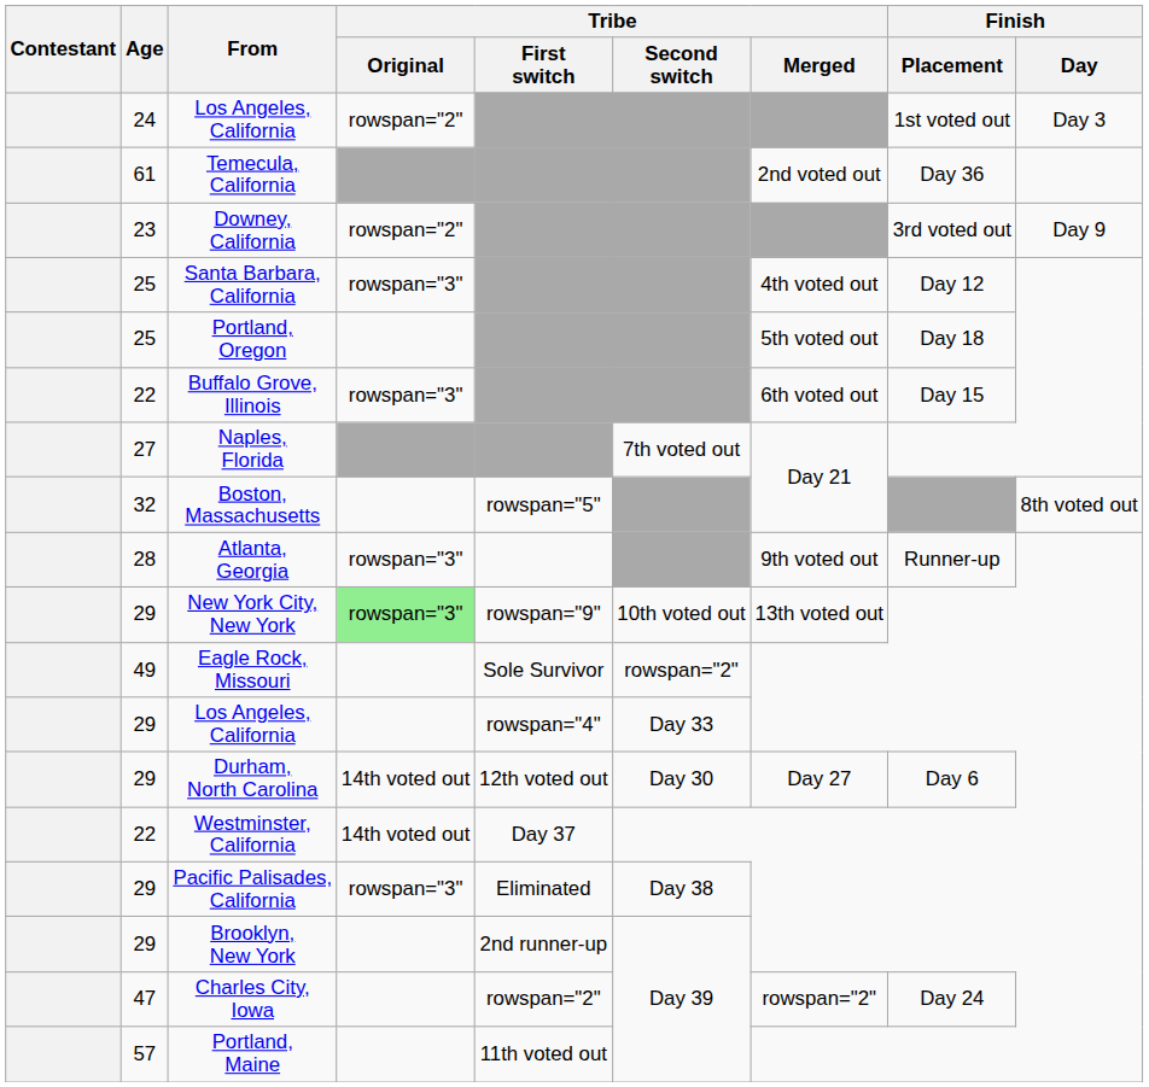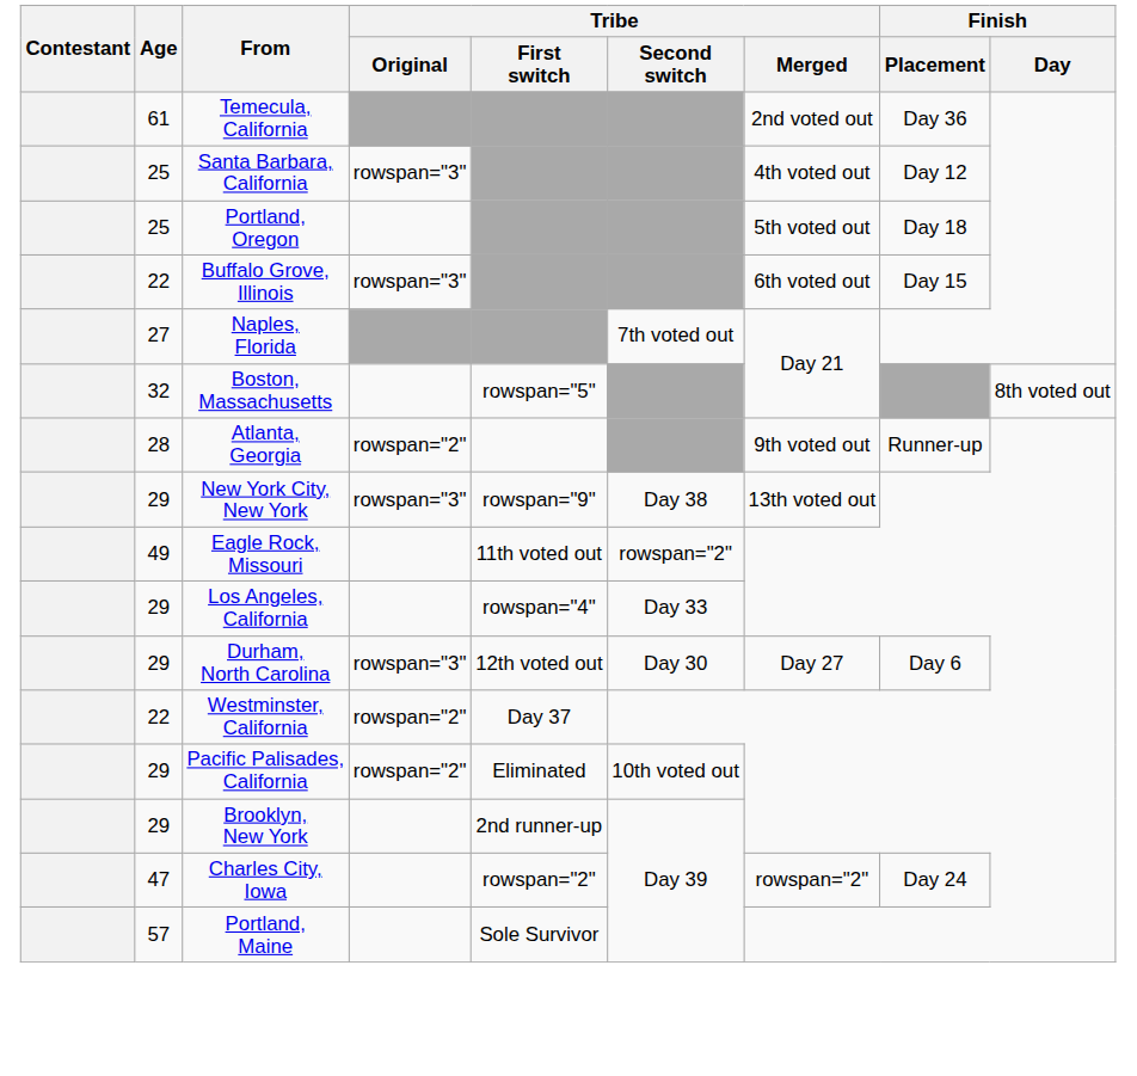 <table class="wikitable sortable" style="margin:auto; text-align:center">
 <tr>
 <th rowspan="2" scope="col">Contestant</th>
 <th rowspan="2" scope="col">Age</th>
 <th rowspan="2" scope="col" class=unsortable>From</th>
 <th colspan="4" scope="colgroup">Tribe</th>
 <th colspan="2" scope="colgroup">Finish</th>
 </tr>
 <tr>
 <th scope="col">Original</th>
 <th scope="col">First<br>switch</th>
 <th scope="col">Second<br>switch</th>
 <th scope="col" class=unsortable>Merged</th>
 <th scope="col" class=unsortable>Placement</th>
 <th scope="col" class=unsortable>Day</th>
 </tr>
 <tr>
 <th scope="row" style=text-align:left></th>
-<td>24</td>
-<td><a href='#'>Los Angeles,<br>California</a></td>
-<td>rowspan="2" </td>
-<td bgcolor="darkgray"></td>
-<td bgcolor="darkgray"></td>
-<td bgcolor="darkgray"></td>
-<td>1st voted out</td>
-<td>Day 3</td>
-</tr>
-<tr>
-<th scope="row" style=text-align:left></th>
 <td>61</td>
 <td><a href='#'>Temecula,<br>California</a></td>
 <td bgcolor="darkgray"></td>
 <td bgcolor="darkgray"></td>
 <td bgcolor="darkgray"></td>
 <td>2nd voted out</td>
 <td>Day 36</td>
-</tr>
-<tr>
-<th scope="row" style=text-align:left></th>
-<td>23</td>
-<td><a href='#'>Downey,<br>California</a></td>
-<td>rowspan="2" </td>
-<td bgcolor="darkgray"></td>
-<td bgcolor="darkgray"></td>
-<td bgcolor="darkgray"></td>
-<td>3rd voted out</td>
-<td>Day 9</td>
 </tr>
 <tr>
 <th scope="row" style=text-align:left></th>
 <td>25</td>
 <td><a href='#'>Santa Barbara,<br>California</a></td>
 <td>rowspan="3" </td>
 <td bgcolor="darkgray"></td>
 <td bgcolor="darkgray"></td>
 <td>4th voted out</td>
 <td>Day 12</td>
 </tr>
 <tr>
 <th scope="row" style=text-align:left></th>
 <td>25</td>
 <td><a href='#'>Portland,<br>Oregon</a></td>
 <td></td>
 <td bgcolor="darkgray"></td>
 <td bgcolor="darkgray"></td>
 <td>5th voted out</td>
 <td>Day 18</td>
 </tr>
 <tr>
 <th scope="row" style=text-align:left></th>
 <td>22</td>
 <td><a href='#'>Buffalo Grove,<br>Illinois</a></td>
 <td>rowspan="3" </td>
 <td bgcolor="darkgray"></td>
 <td bgcolor="darkgray"></td>
 <td>6th voted out</td>
 <td>Day 15</td>
 </tr>
 <tr>
 <th scope="row" style=text-align:left></th>
 <td>27</td>
 <td><a href='#'>Naples,<br>Florida</a></td>
 <td bgcolor="darkgray"></td>
 <td bgcolor="darkgray"></td>
 <td>7th voted out</td>
 <td rowspan="2">Day 21</td>
 </tr>
 <tr>
 <th scope="row" style=text-align:left></th>
 <td>32</td>
 <td><a href='#'>Boston,<br>Massachusetts</a></td>
 <td></td>
 <td>rowspan="5" </td>
 <td bgcolor="darkgray"></td>
 <td bgcolor="darkgray"></td>
 <td>8th voted out</td>
 </tr>
 <tr>
 <th scope="row" style=text-align:left></th>
 <td>28</td>
 <td><a href='#'>Atlanta,<br>Georgia</a></td>
-<td>rowspan="3" </td>
+<td>rowspan="2" </td>
 <td></td>
 <td bgcolor="darkgray"></td>
 <td>9th voted out<br></td>
 <td>Runner-up</td>
 </tr>
 <tr>
 <th scope="row" style=text-align:left></th>
 <td>29</td>
 <td><a href='#'>New York City,<br>New York</a></td>
-<td style="background: lightgreen;">rowspan="3" </td>
+<td>rowspan="3" </td>
 <td>rowspan="9" </td>
-<td>10th voted out<br></td>
+<td>Day 38</td>
 <td>13th voted out<br></td>
 </tr>
 <tr>
 <th scope="row" style=text-align:left></th>
 <td>49</td>
 <td><a href='#'>Eagle Rock,<br>Missouri</a></td>
 <td></td>
-<td>Sole Survivor</td>
+<td>11th voted out<br></td>
 <td>rowspan="2" </td>
 </tr>
 <tr>
 <th scope="row" style=text-align:left></th>
 <td>29</td>
 <td><a href='#'>Los Angeles,<br>California</a></td>
 <td></td>
 <td>rowspan="4" </td>
 <td>Day 33</td>
 </tr>
 <tr>
 <th scope="row" style=text-align:left></th>
 <td>29</td>
 <td><a href='#'>Durham,<br>North Carolina</a></td>
-<td>14th voted out<br></td>
+<td>rowspan="3" </td>
 <td>12th voted out<br></td>
 <td>Day 30</td>
 <td>Day 27</td>
 <td>Day 6</td>
 </tr>
 <tr>
 <th scope="row" style=text-align:left></th>
 <td>22</td>
 <td><a href='#'>Westminster,<br>California</a></td>
-<td>14th voted out<br></td>
+<td>rowspan="2" </td>
 <td>Day 37</td>
 </tr>
 <tr>
 <th scope="row" style=text-align:left></th>
 <td>29</td>
 <td><a href='#'>Pacific Palisades,<br>California</a></td>
-<td>rowspan="3" </td>
+<td>rowspan="2" </td>
 <td>Eliminated<br></td>
-<td>Day 38</td>
+<td>10th voted out<br></td>
 </tr>
 <tr>
 <th scope="row" style=text-align:left></th>
 <td>29</td>
 <td><a href='#'>Brooklyn,<br>New York</a></td>
 <td></td>
 <td>2nd runner-up</td>
 <td rowspan="3">Day 39</td>
 </tr>
 <tr>
 <th scope="row" style=text-align:left></th>
 <td>47</td>
 <td><a href='#'>Charles City,<br>Iowa</a></td>
 <td></td>
 <td>rowspan="2" </td>
 <td>rowspan="2" </td>
 <td>Day 24</td>
 </tr>
 <tr>
 <th scope="row" style=text-align:left></th>
 <td>57</td>
 <td><a href='#'>Portland,<br>Maine</a></td>
 <td></td>
-<td>11th voted out<br></td>
+<td>Sole Survivor</td>
 </tr>
 </table>
